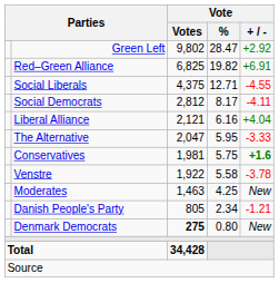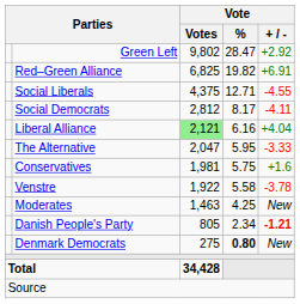 <table class="wikitable" style="text-align:right;">
 <tr>
 <th style="text-align:centre;" rowspan="2" colspan="2" width="225">Parties</th>
 <th colspan="3">Vote</th>
 </tr>
 <tr>
 <th width="15">Votes</th>
 <th width="15">%</th>
 <th width="15">+ / -</th>
 </tr>
 <tr>
 <td width=2 bgcolor=></td>
 <td><a href='#'>Green Left</a></td>
 <td>9,802</td>
 <td>28.47</td>
 <td style=color:green;>+2.92</td>
 </tr>
 <tr>
 <td width=2 bgcolor=></td>
 <td align=left><a href='#'>Red–Green Alliance</a></td>
 <td>6,825</td>
 <td>19.82</td>
 <td style=color:green;>+6.91</td>
 </tr>
 <tr>
 <td width=2 bgcolor=></td>
 <td align=left><a href='#'>Social Liberals</a></td>
 <td>4,375</td>
 <td>12.71</td>
 <td style=color:red;>-4.55</td>
 </tr>
 <tr>
 <td width=2 bgcolor=></td>
 <td align=left><a href='#'>Social Democrats</a></td>
 <td>2,812</td>
 <td>8.17</td>
 <td style=color:red;>-4.11</td>
 </tr>
 <tr>
 <td width=2 bgcolor=></td>
 <td align=left><a href='#'>Liberal Alliance</a></td>
-<td>2,121</td>
+<td style="background: lightgreen;">2,121</td>
 <td>6.16</td>
 <td style=color:green;>+4.04</td>
 </tr>
 <tr>
 <td width=2 bgcolor=></td>
 <td align=left><a href='#'>The Alternative</a></td>
 <td>2,047</td>
 <td>5.95</td>
 <td style=color:red;>-3.33</td>
 </tr>
 <tr>
 <td width=2 bgcolor=></td>
 <td align=left><a href='#'>Conservatives</a></td>
 <td>1,981</td>
 <td>5.75</td>
-<td style=color:green;><strong>+1.6</strong></td>
+<td style=color:green;>+1.6</td>
 </tr>
 <tr>
 <td width=2 bgcolor=></td>
 <td align=left><a href='#'>Venstre</a></td>
 <td>1,922</td>
 <td>5.58</td>
 <td style=color:red;>-3.78</td>
 </tr>
 <tr>
 <td width=2 bgcolor=></td>
 <td align=left><a href='#'>Moderates</a></td>
 <td>1,463</td>
 <td>4.25</td>
 <td><em>New</em></td>
 </tr>
 <tr>
 <td width=2 bgcolor=></td>
 <td align=left><a href='#'>Danish People's Party</a></td>
 <td>805</td>
 <td>2.34</td>
-<td style=color:red;>-1.21</td>
+<td style=color:red;><strong>-1.21</strong></td>
 </tr>
 <tr>
 <td width=2 bgcolor=></td>
 <td align=left><a href='#'>Denmark Democrats</a></td>
-<td><strong>275</strong></td>
-<td>0.80</td>
+<td>275</td>
+<td><strong>0.80</strong></td>
 <td><em>New</em></td>
 </tr>
 <tr>
 <td colspan="7" bgcolor="#E9E9E9"></td>
 </tr>
 <tr>
 <td align="left" colspan="2"><strong>Total</strong></td>
 <td><strong>34,428</strong></td>
 <td bgcolor=#E9E9E9 colspan=2></td>
 </tr>
 <tr>
 <td align="left" colspan="6">Source</td>
 </tr>
 </table>
